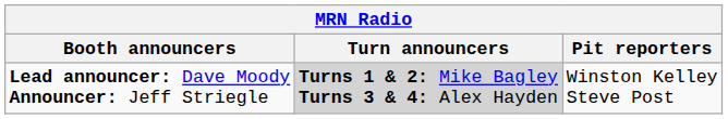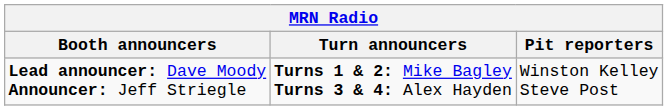 <table class="wikitable">
 <tr>
 <th colspan="3"><a href='#'>MRN Radio</a></th>
 </tr>
 <tr>
 <th>Booth announcers</th>
 <th>Turn announcers</th>
 <th>Pit reporters</th>
 </tr>
 <tr>
 <td><strong>Lead announcer:</strong> <a href='#'>Dave Moody</a><br><strong>Announcer:</strong> Jeff Striegle</td>
-<td style="background: lightgrey;"><strong>Turns 1 & 2:</strong> <a href='#'>Mike Bagley</a><br><strong>Turns</strong> <strong>3 & 4:</strong> Alex Hayden</td>
+<td><strong>Turns 1 & 2:</strong> <a href='#'>Mike Bagley</a><br><strong>Turns</strong> <strong>3 & 4:</strong> Alex Hayden</td>
 <td>Winston Kelley<br>Steve Post</td>
 </tr>
 </table>
